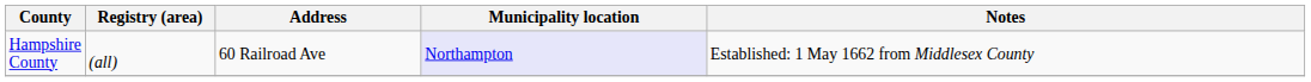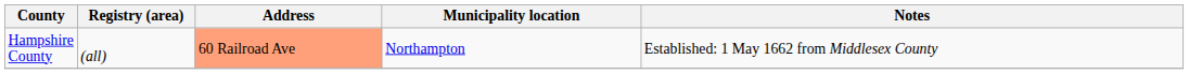 <table class="wikitable" width="100%">
 <tr>
 <th style="width:6%">County</th>
 <th style="width:10%">Registry (area)</th>
 <th>Address</th>
 <th>Municipality location</th>
 <th>Notes</th>
 </tr>
 <tr>
 <td><a href='#'>Hampshire County</a></td>
 <td><br><em>(all)</em></td>
-<td>60 Railroad Ave</td>
-<td style="background: lavender;"><a href='#'>Northampton</a></td>
+<td style="background: lightsalmon;">60 Railroad Ave</td>
+<td><a href='#'>Northampton</a></td>
 <td>Established: 1 May 1662 from <em>Middlesex County</em></td>
 </tr>
 <tr>
 </tr>
 </table>
